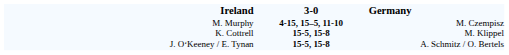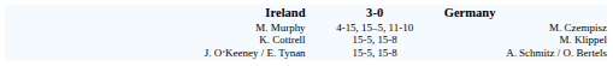 <table style="width: 60%; background:#F5FAFF;" cellspacing="0">
 <tr>
 <td align=center rowspan=3 width=20%></td>
 </tr>
 <tr>
 <td width=24% align=right><strong>Ireland</strong></td>
 <td align=center width=20%><strong>3-0</strong></td>
 <td width=24%><strong>Germany</strong></td>
 </tr>
 <tr style=font-size:85%>
 <td align=right valign=top>M. Murphy<br>K. Cottrell<br>J. O‘Keeney / E. Tynan</td>
-<td align=center><strong>4-15, 15–5, 11-10<br>15-5, 15-8<br>15-5, 15-8</strong></td>
+<td align=center>4-15, 15–5, 11-10<br>15-5, 15-8<br>15-5, 15-8</td>
 <td align=right valign=top>M. Czempisz<br>M. Klippel<br>A. Schmitz / O. Bertels</td>
 </tr>
 </table>
